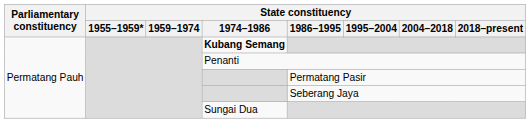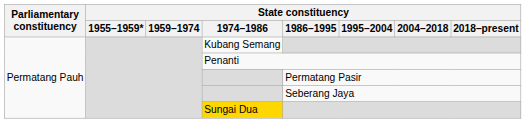 <table class="wikitable">
 <tr>
 <th rowspan="2">Parliamentary<br>constituency</th>
 <th colspan="7">State constituency</th>
 </tr>
 <tr>
 <th>1955–1959*</th>
 <th>1959–1974</th>
 <th>1974–1986</th>
 <th>1986–1995</th>
 <th>1995–2004</th>
 <th>2004–2018</th>
 <th>2018–present</th>
 </tr>
 <tr>
 <td rowspan="5">Permatang Pauh</td>
 <td colspan="2" rowspan="5" bgcolor="dcdcdc"></td>
-<td><strong>Kubang Semang</strong></td>
+<td>Kubang Semang</td>
 <td colspan="4" bgcolor="dcdcdc"></td>
 </tr>
 <tr>
 <td colspan="5">Penanti</td>
 </tr>
 <tr>
 <td bgcolor="dcdcdc"></td>
 <td colspan="4">Permatang Pasir</td>
 </tr>
 <tr>
 <td bgcolor="dcdcdc"></td>
 <td colspan="4">Seberang Jaya</td>
 </tr>
 <tr>
-<td>Sungai Dua</td>
+<td style="background: gold;">Sungai Dua</td>
 <td colspan="4" bgcolor="dcdcdc"></td>
 </tr>
 </table>
